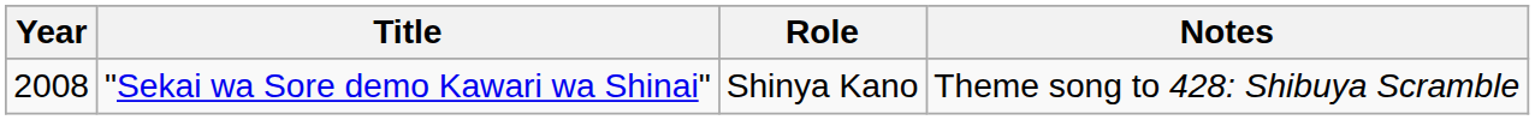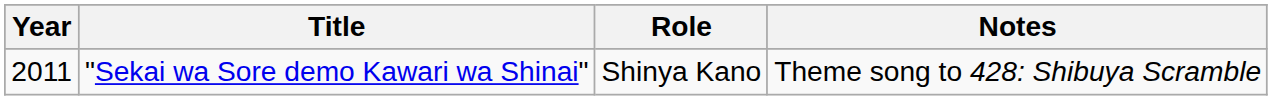 <table class="wikitable">
 <tr>
 <th>Year</th>
 <th>Title</th>
 <th>Role</th>
 <th>Notes</th>
 </tr>
 <tr>
-<td>2008</td>
+<td>2011</td>
 <td>"<a href='#'>Sekai wa Sore demo Kawari wa Shinai</a>"</td>
 <td>Shinya Kano</td>
 <td>Theme song to <em>428: Shibuya Scramble</em></td>
 </tr>
 </table>
